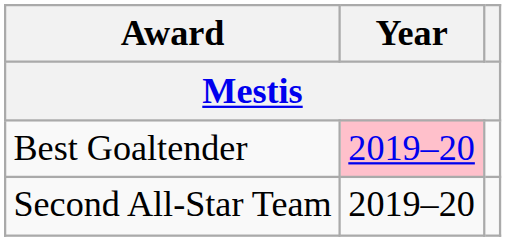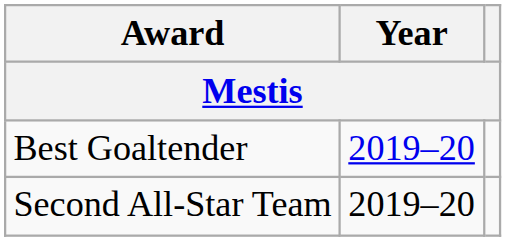 <table class="wikitable">
 <tr>
 <th>Award</th>
 <th>Year</th>
 <th></th>
 </tr>
 <tr>
 <th colspan="3"><a href='#'>Mestis</a></th>
 </tr>
 <tr>
 <td>Best Goaltender</td>
-<td style="background: pink;"><a href='#'>2019–20</a></td>
+<td><a href='#'>2019–20</a></td>
 <td></td>
 </tr>
 <tr>
 <td>Second All-Star Team</td>
 <td>2019–20</td>
 <td></td>
 </tr>
 </table>
